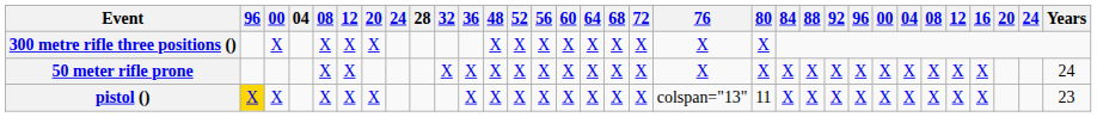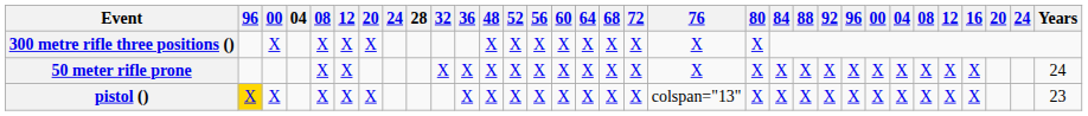 <table class="wikitable plainrowheaders sticky-header" style="text-align:center;">
 <tr>
 <th scope="col">Event</th>
 <th scope="col"><a href='#'>96</a></th>
 <th scope="col"><a href='#'>00</a></th>
 <th scope="col">04</th>
 <th scope="col"><a href='#'>08</a></th>
 <th scope="col"><a href='#'>12</a></th>
 <th scope="col"><a href='#'>20</a></th>
 <th scope="col"><a href='#'>24</a></th>
 <th scope="col">28</th>
 <th scope="col"><a href='#'>32</a></th>
 <th scope="col"><a href='#'>36</a></th>
 <th scope="col"><a href='#'>48</a></th>
 <th scope="col"><a href='#'>52</a></th>
 <th scope="col"><a href='#'>56</a></th>
 <th scope="col"><a href='#'>60</a></th>
 <th scope="col"><a href='#'>64</a></th>
 <th scope="col"><a href='#'>68</a></th>
 <th scope="col"><a href='#'>72</a></th>
 <th scope="col"><a href='#'>76</a></th>
 <th scope="col"><a href='#'>80</a></th>
 <th scope="col"><a href='#'>84</a></th>
 <th scope="col"><a href='#'>88</a></th>
 <th scope="col"><a href='#'>92</a></th>
 <th scope="col"><a href='#'>96</a></th>
 <th scope="col"><a href='#'>00</a></th>
 <th scope="col"><a href='#'>04</a></th>
 <th scope="col"><a href='#'>08</a></th>
 <th scope="col"><a href='#'>12</a></th>
 <th scope="col"><a href='#'>16</a></th>
 <th scope="col"><a href='#'>20</a></th>
 <th scope="col"><a href='#'>24</a></th>
 <th scope="col">Years</th>
 </tr>
 <tr>
 <th scope="row"><a href='#'>300 metre rifle three positions</a> ()</th>
 <td></td>
 <td><a href='#'>X</a></td>
 <td></td>
 <td><a href='#'>X</a></td>
 <td><a href='#'>X</a></td>
 <td><a href='#'>X</a></td>
 <td></td>
 <td></td>
 <td></td>
 <td></td>
 <td><a href='#'>X</a></td>
 <td><a href='#'>X</a></td>
 <td><a href='#'>X</a></td>
 <td><a href='#'>X</a></td>
 <td><a href='#'>X</a></td>
 <td><a href='#'>X</a></td>
 <td><a href='#'>X</a></td>
 <td><a href='#'>X</a></td>
 <td><a href='#'>X</a></td>
 </tr>
 <tr>
 <th scope="row"><a href='#'>50 meter rifle prone</a></th>
 <td></td>
 <td></td>
 <td></td>
 <td><a href='#'>X</a></td>
 <td><a href='#'>X</a></td>
 <td></td>
 <td></td>
 <td></td>
 <td><a href='#'>X</a></td>
 <td><a href='#'>X</a></td>
 <td><a href='#'>X</a></td>
 <td><a href='#'>X</a></td>
 <td><a href='#'>X</a></td>
 <td><a href='#'>X</a></td>
 <td><a href='#'>X</a></td>
 <td><a href='#'>X</a></td>
 <td><a href='#'>X</a></td>
 <td><a href='#'>X</a></td>
 <td><a href='#'>X</a></td>
 <td><a href='#'>X</a></td>
 <td><a href='#'>X</a></td>
 <td><a href='#'>X</a></td>
 <td><a href='#'>X</a></td>
 <td><a href='#'>X</a></td>
 <td><a href='#'>X</a></td>
 <td><a href='#'>X</a></td>
 <td><a href='#'>X</a></td>
 <td><a href='#'>X</a></td>
 <td></td>
 <td></td>
 <td>24</td>
 </tr>
 <tr>
 <th scope="row"><a href='#'>pistol</a> ()</th>
 <td style="background: gold;"><a href='#'>X</a></td>
 <td><a href='#'>X</a></td>
 <td></td>
 <td><a href='#'>X</a><br></td>
 <td><a href='#'>X</a></td>
 <td><a href='#'>X</a></td>
 <td></td>
 <td></td>
 <td></td>
 <td><a href='#'>X</a></td>
 <td><a href='#'>X</a></td>
 <td><a href='#'>X</a></td>
 <td><a href='#'>X</a></td>
 <td><a href='#'>X</a></td>
 <td><a href='#'>X</a></td>
 <td><a href='#'>X</a></td>
 <td><a href='#'>X</a></td>
 <td>colspan="13"</td>
-<td>11</td>
+<td><a href='#'>X</a></td>
 <td><a href='#'>X</a></td>
 <td><a href='#'>X</a></td>
 <td><a href='#'>X</a></td>
 <td><a href='#'>X</a></td>
 <td><a href='#'>X</a></td>
 <td><a href='#'>X</a></td>
 <td><a href='#'>X</a></td>
 <td><a href='#'>X</a></td>
 <td><a href='#'>X</a></td>
 <td></td>
 <td></td>
 <td>23</td>
 </tr>
 </table>
